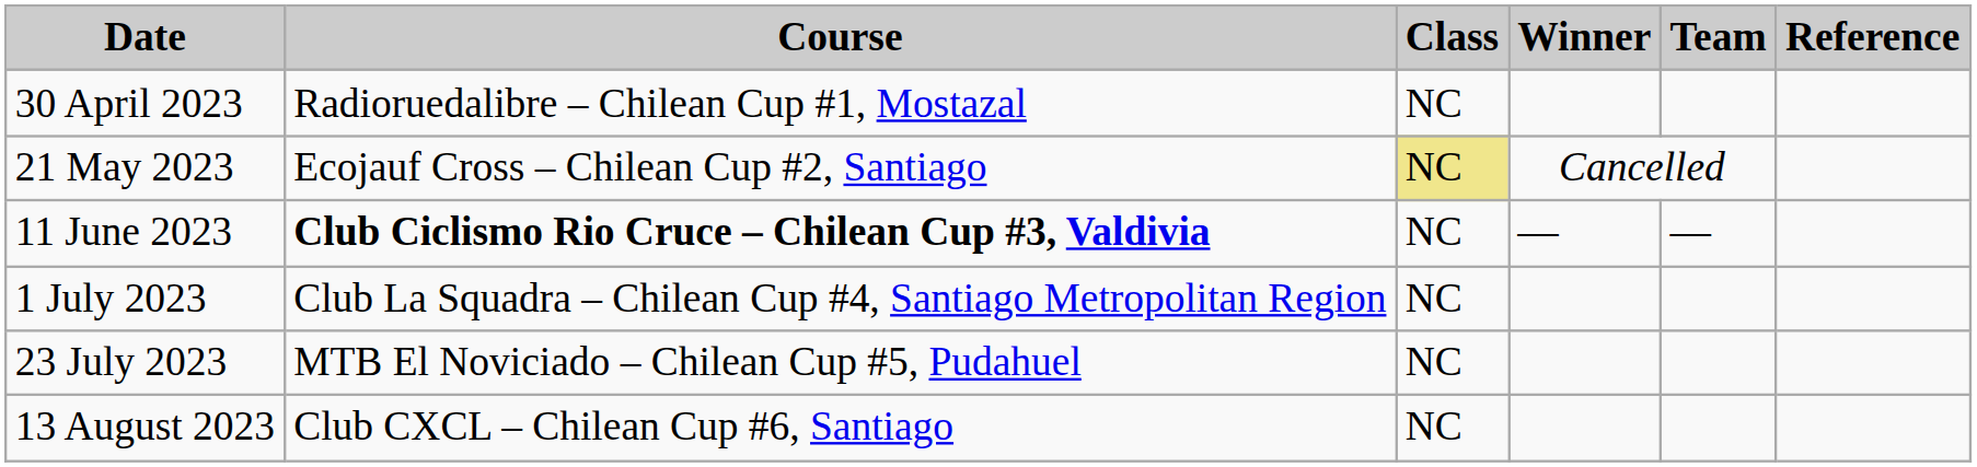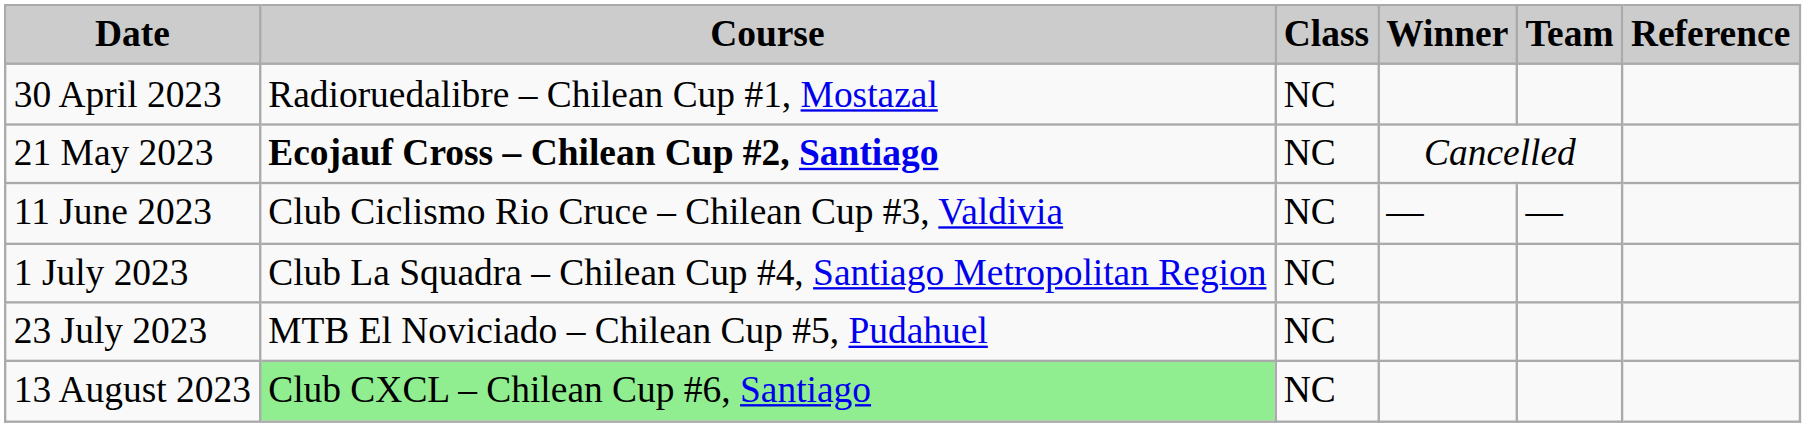 <table class="wikitable sortable alternance ">
 <tr>
 <th scope="col" style="background-color:#CCCCCC;">Date</th>
 <th scope="col" style="background-color:#CCCCCC;">Course</th>
 <th scope="col" style="background-color:#CCCCCC;">Class</th>
 <th scope="col" style="background-color:#CCCCCC;">Winner</th>
 <th scope="col" style="background-color:#CCCCCC;">Team</th>
 <th scope="col" style="background-color:#CCCCCC;">Reference</th>
 </tr>
 <tr>
 <td>30 April 2023</td>
 <td> Radioruedalibre – Chilean Cup #1, <a href='#'>Mostazal</a></td>
 <td>NC</td>
 <td></td>
 <td></td>
 <td></td>
 </tr>
 <tr>
 <td>21 May 2023</td>
-<td> Ecojauf Cross – Chilean Cup #2, <a href='#'>Santiago</a></td>
-<td style="background: khaki;">NC</td>
+<td><strong> Ecojauf Cross – Chilean Cup #2, <a href='#'>Santiago</a></strong></td>
+<td>NC</td>
 <td align=center colspan="2"><em>Cancelled</em></td>
 <td></td>
 </tr>
 <tr>
 <td>11 June 2023</td>
-<td><strong> Club Ciclismo Rio Cruce – Chilean Cup #3, <a href='#'>Valdivia</a></strong></td>
+<td> Club Ciclismo Rio Cruce – Chilean Cup #3, <a href='#'>Valdivia</a></td>
 <td>NC</td>
 <td>—</td>
 <td>—</td>
 <td></td>
 </tr>
 <tr>
 <td>1 July 2023</td>
 <td> Club La Squadra – Chilean Cup #4, <a href='#'>Santiago Metropolitan Region</a></td>
 <td>NC</td>
 <td></td>
 <td></td>
 <td></td>
 </tr>
 <tr>
 <td>23 July 2023</td>
 <td> MTB El Noviciado – Chilean Cup #5, <a href='#'>Pudahuel</a></td>
 <td>NC</td>
 <td></td>
 <td></td>
 <td></td>
 </tr>
 <tr>
 <td>13 August 2023</td>
-<td> Club CXCL – Chilean Cup #6, <a href='#'>Santiago</a></td>
+<td style="background: lightgreen;"> Club CXCL – Chilean Cup #6, <a href='#'>Santiago</a></td>
 <td>NC</td>
 <td></td>
 <td></td>
 <td></td>
 </tr>
 </table>
